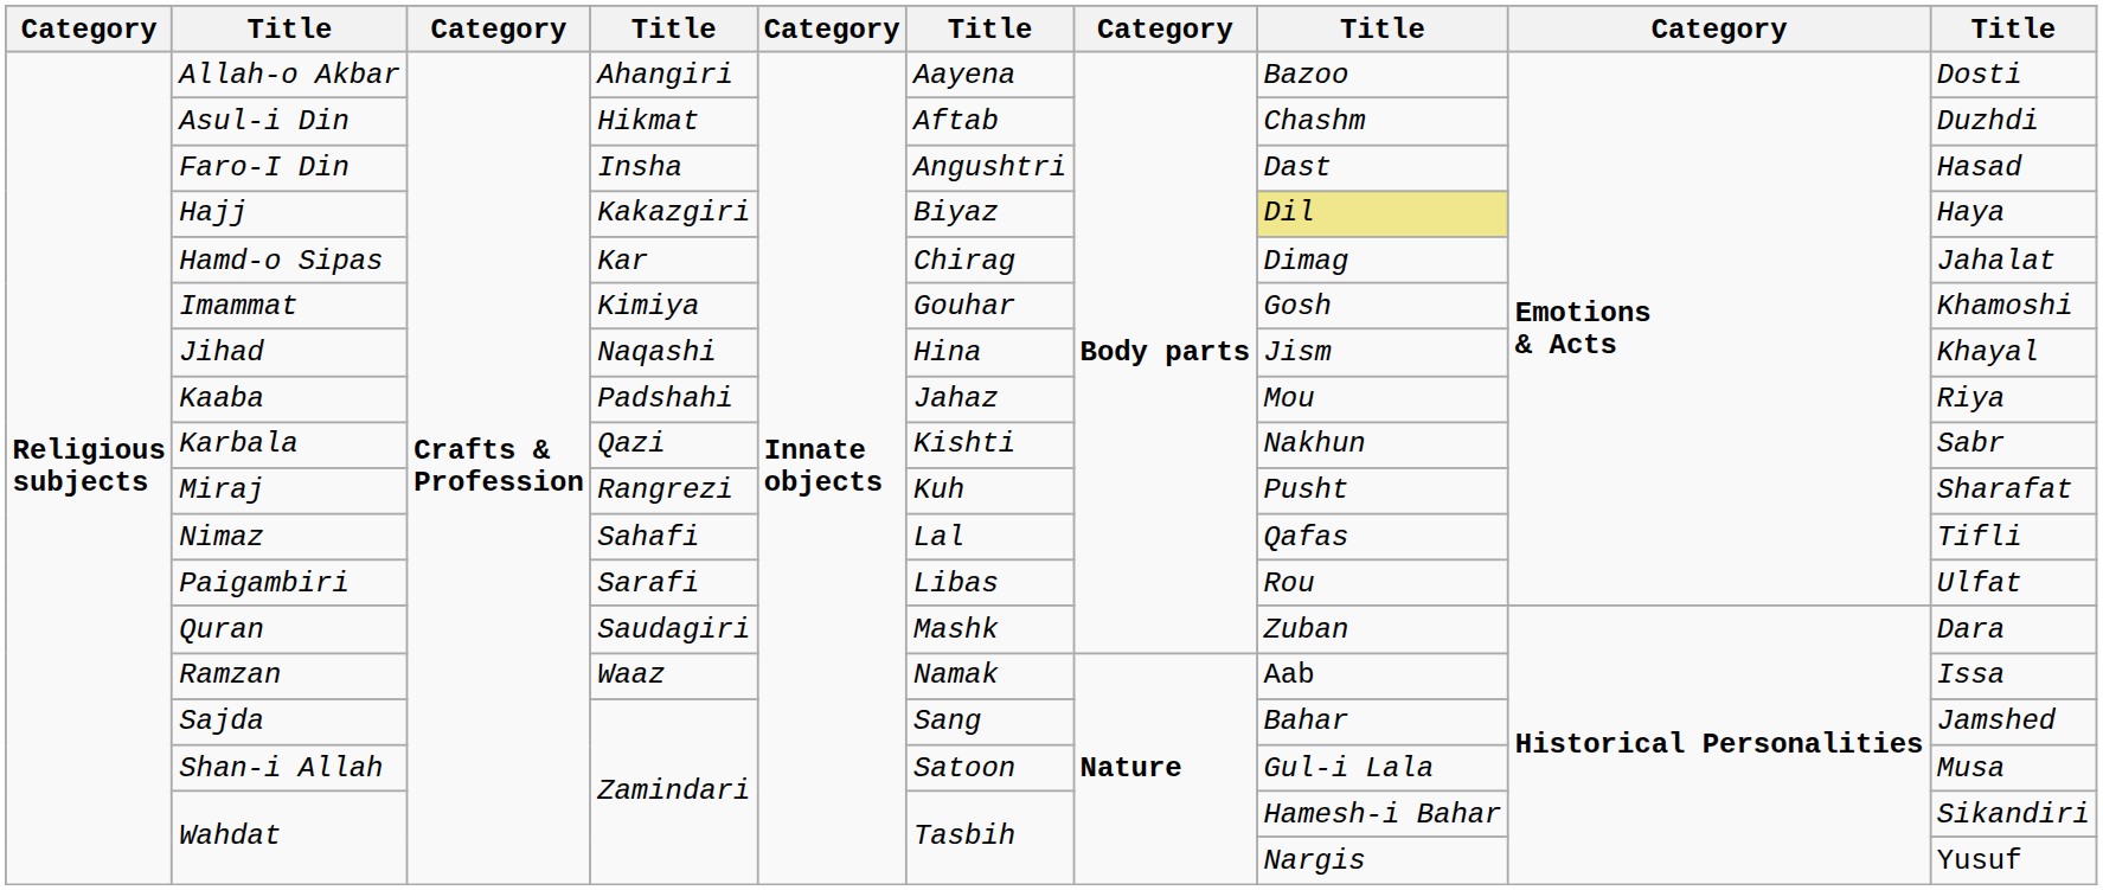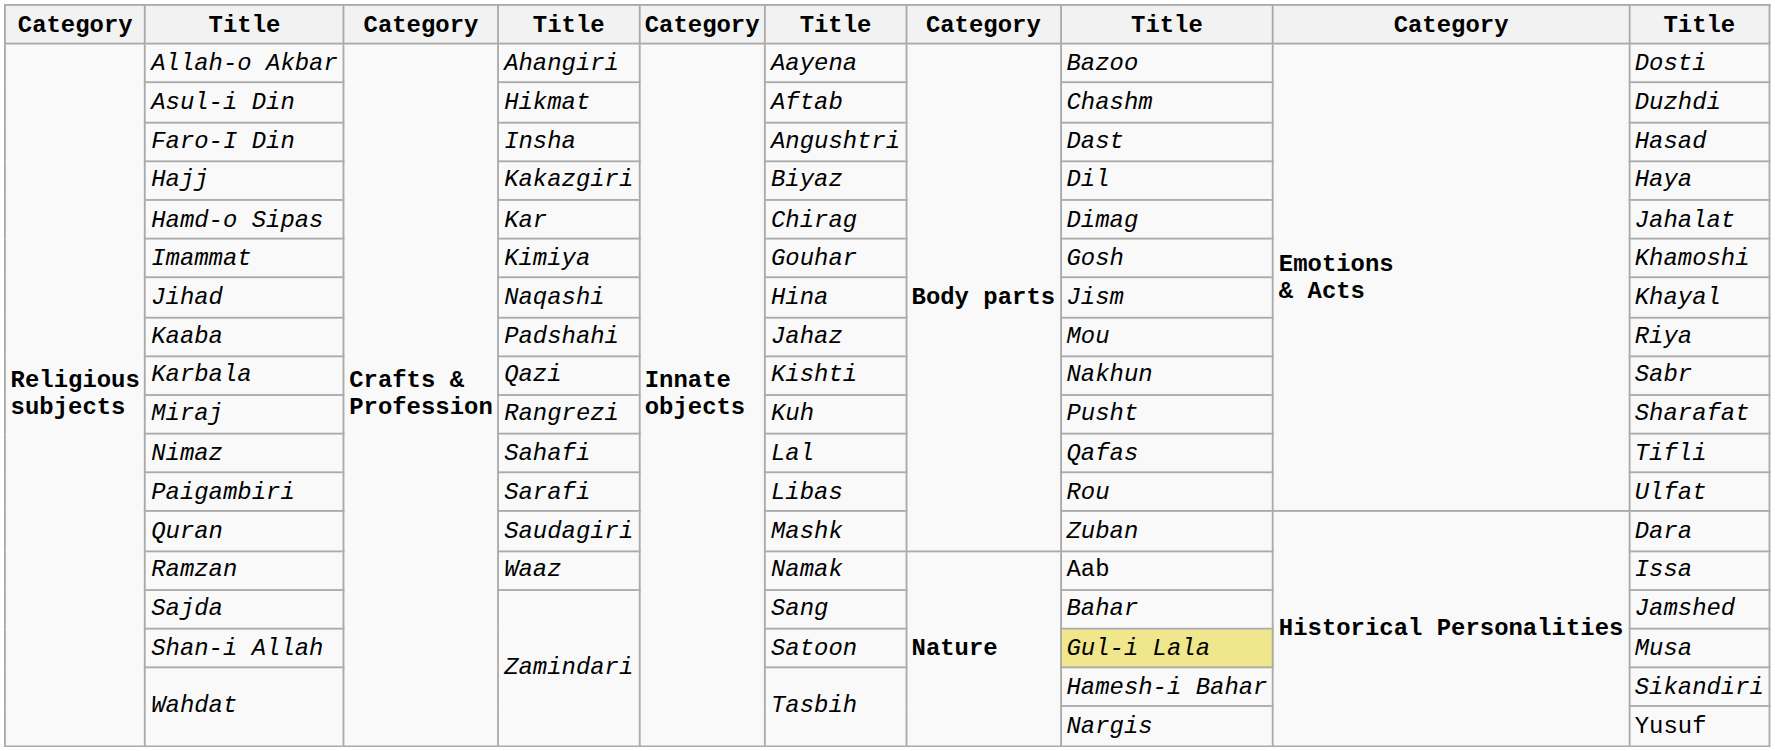 <table class="wikitable">
 <tr>
 <th>Category</th>
 <th>Title</th>
 <th>Category</th>
 <th>Title</th>
 <th>Category</th>
 <th>Title</th>
 <th>Category</th>
 <th>Title</th>
 <th>Category</th>
 <th>Title</th>
 </tr>
 <tr>
 <td rowspan="18"><strong>Religious</strong><br><strong>subjects</strong></td>
 <td><em>Allah-o Akbar</em></td>
 <td rowspan="18"><strong>Crafts &</strong><br><strong>Profession</strong></td>
 <td><em>Ahangiri</em></td>
 <td rowspan="18"><strong>Innate</strong><br><strong>objects</strong></td>
 <td><em>Aayena</em></td>
 <td rowspan="13"><strong>Body parts</strong></td>
 <td><em>Bazoo</em></td>
 <td rowspan="12"><strong>Emotions</strong><br><strong>& Acts</strong></td>
 <td><em>Dosti</em></td>
 </tr>
 <tr>
 <td><em>Asul-i Din</em></td>
 <td><em>Hikmat</em></td>
 <td><em>Aftab</em></td>
 <td><em>Chashm</em></td>
 <td><em>Duzhdi</em></td>
 </tr>
 <tr>
 <td><em>Faro-I Din</em></td>
 <td><em>Insha</em></td>
 <td><em>Angushtri</em></td>
 <td><em>Dast</em></td>
 <td><em>Hasad</em></td>
 </tr>
 <tr>
 <td><em>Hajj</em></td>
 <td><em>Kakazgiri</em></td>
 <td><em>Biyaz</em></td>
-<td style="background: khaki;"><em>Dil</em></td>
+<td><em>Dil</em></td>
 <td><em>Haya</em></td>
 </tr>
 <tr>
 <td><em>Hamd-o Sipas</em></td>
 <td><em>Kar</em></td>
 <td><em>Chirag</em></td>
 <td><em>Dimag</em></td>
 <td><em>Jahalat</em></td>
 </tr>
 <tr>
 <td><em>Imammat</em></td>
 <td><em>Kimiya</em></td>
 <td><em>Gouhar</em></td>
 <td><em>Gosh</em></td>
 <td><em>Khamoshi</em></td>
 </tr>
 <tr>
 <td><em>Jihad</em></td>
 <td><em>Naqashi</em></td>
 <td><em>Hina</em></td>
 <td><em>Jism</em></td>
 <td><em>Khayal</em></td>
 </tr>
 <tr>
 <td><em>Kaaba</em></td>
 <td><em>Padshahi</em></td>
 <td><em>Jahaz</em></td>
 <td><em>Mou</em></td>
 <td><em>Riya</em></td>
 </tr>
 <tr>
 <td><em>Karbala</em></td>
 <td><em>Qazi</em></td>
 <td><em>Kishti</em></td>
 <td><em>Nakhun</em></td>
 <td><em>Sabr</em></td>
 </tr>
 <tr>
 <td><em>Miraj</em></td>
 <td><em>Rangrezi</em></td>
 <td><em>Kuh</em></td>
 <td><em>Pusht</em></td>
 <td><em>Sharafat</em></td>
 </tr>
 <tr>
 <td><em>Nimaz</em></td>
 <td><em>Sahafi</em></td>
 <td><em>Lal</em></td>
 <td><em>Qafas</em></td>
 <td><em>Tifli</em></td>
 </tr>
 <tr>
 <td><em>Paigambiri</em></td>
 <td><em>Sarafi</em></td>
 <td><em>Libas</em></td>
 <td><em>Rou</em></td>
 <td><em>Ulfat</em></td>
 </tr>
 <tr>
 <td><em>Quran</em></td>
 <td><em>Saudagiri</em></td>
 <td><em>Mashk</em></td>
 <td><em>Zuban</em></td>
 <td rowspan="6"><strong>Historical Personalities</strong></td>
 <td><em>Dara</em></td>
 </tr>
 <tr>
 <td><em>Ramzan</em></td>
 <td><em>Waaz</em></td>
 <td><em>Namak</em></td>
 <td rowspan="5"><strong>Nature</strong></td>
 <td>Aab</td>
 <td><em>Issa</em></td>
 </tr>
 <tr>
 <td><em>Sajda</em></td>
 <td rowspan="4"><em>Zamindari</em></td>
 <td><em>Sang</em></td>
 <td><em>Bahar</em></td>
 <td><em>Jamshed</em></td>
 </tr>
 <tr>
 <td><em>Shan-i Allah</em></td>
 <td><em>Satoon</em></td>
-<td><em>Gul-i Lala</em></td>
+<td style="background: khaki;"><em>Gul-i Lala</em></td>
 <td><em>Musa</em></td>
 </tr>
 <tr>
 <td rowspan="2"><em>Wahdat</em></td>
 <td rowspan="2"><em>Tasbih</em></td>
 <td><em>Hamesh-i Bahar</em></td>
 <td><em>Sikandiri</em></td>
 </tr>
 <tr>
 <td><em>Nargis</em></td>
 <td>Yusuf</td>
 </tr>
 </table>
